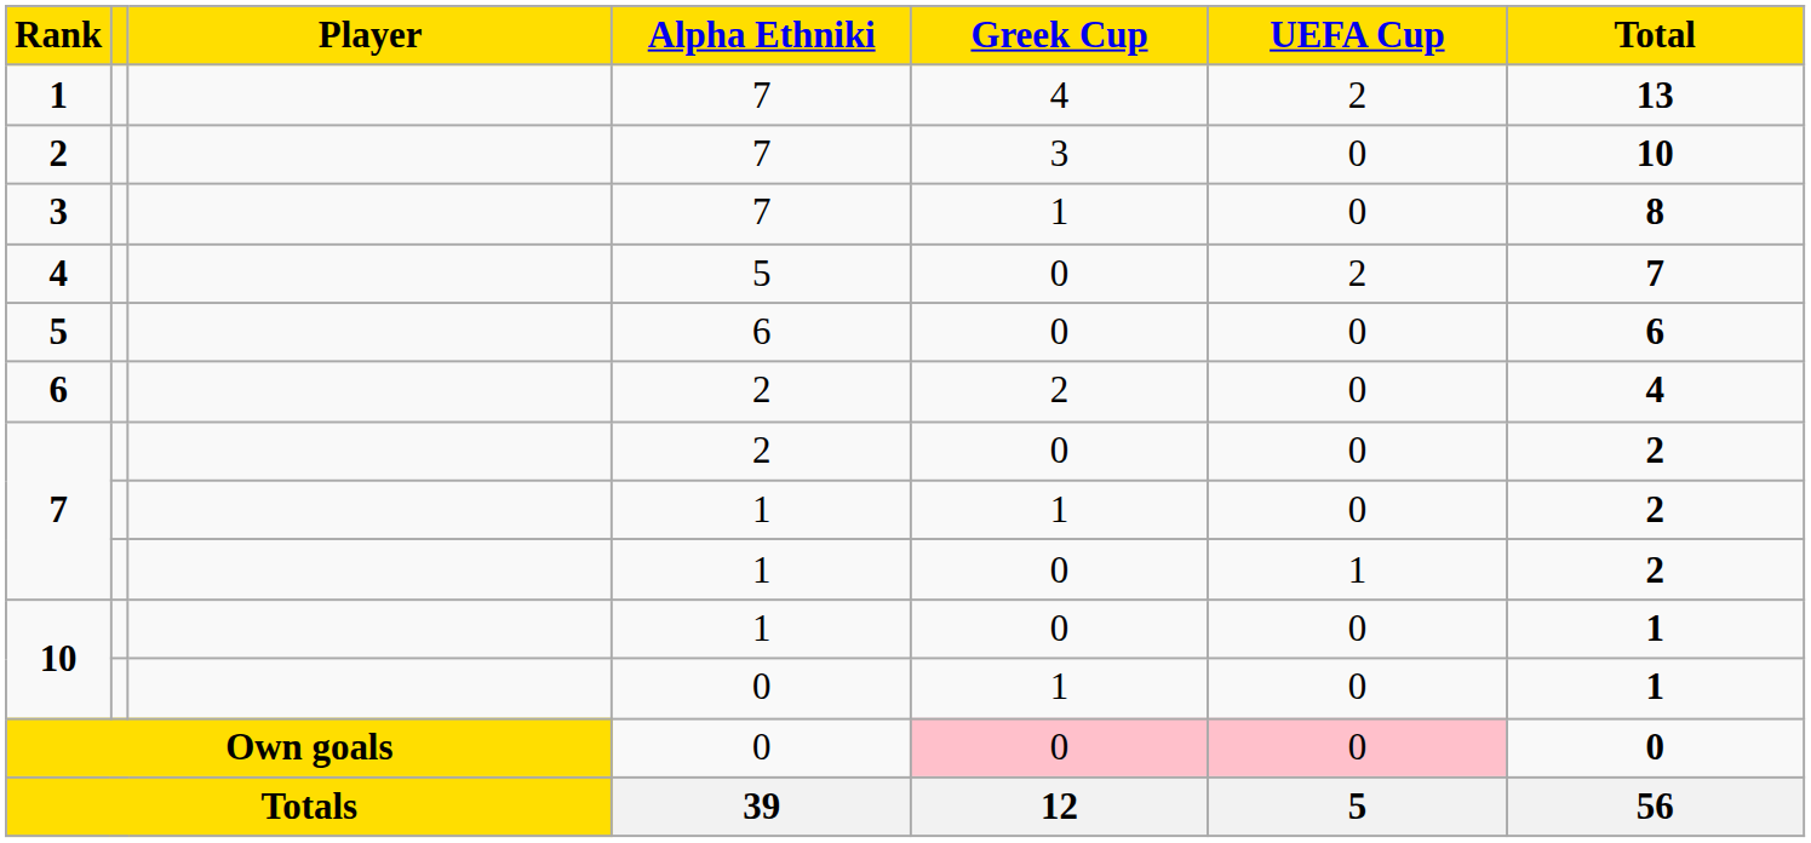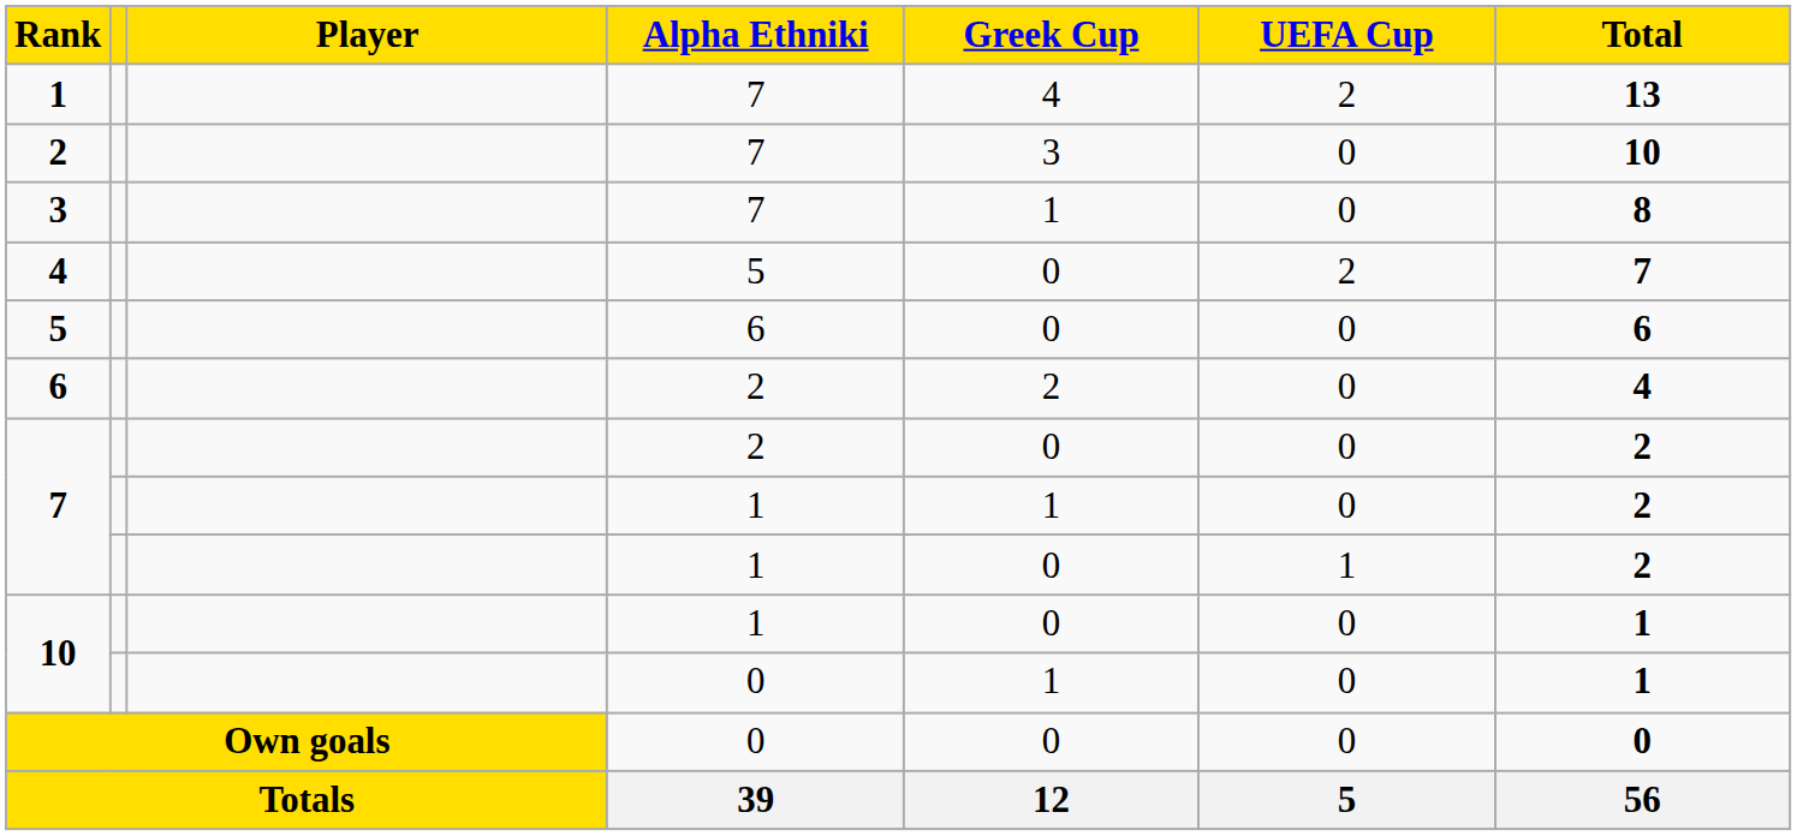 <table class="wikitable sortable" style="text-align: center">
 <tr>
 <th style="background:#FFDE00">Rank</th>
 <th style="background:#FFDE00"></th>
 <th width=200 style="background:#FFDE00">Player</th>
 <th width=120 style="background:#FFDE00"><a href='#'>Alpha Ethniki</a></th>
 <th width=120 style="background:#FFDE00"><a href='#'>Greek Cup</a></th>
 <th width=120 style="background:#FFDE00"><a href='#'>UEFA Cup</a></th>
 <th width=120 style="background:#FFDE00">Total</th>
 </tr>
 <tr>
 <td><strong>1</strong></td>
 <td></td>
 <td align=left></td>
 <td>7</td>
 <td>4</td>
 <td>2</td>
 <td><strong>13</strong></td>
 </tr>
 <tr>
 <td><strong>2</strong></td>
 <td></td>
 <td align=left></td>
 <td>7</td>
 <td>3</td>
 <td>0</td>
 <td><strong>10</strong></td>
 </tr>
 <tr>
 <td><strong>3</strong></td>
 <td></td>
 <td align=left></td>
 <td>7</td>
 <td>1</td>
 <td>0</td>
 <td><strong>8</strong></td>
 </tr>
 <tr>
 <td><strong>4</strong></td>
 <td></td>
 <td align=left></td>
 <td>5</td>
 <td>0</td>
 <td>2</td>
 <td><strong>7</strong></td>
 </tr>
 <tr>
 <td><strong>5</strong></td>
 <td></td>
 <td align=left></td>
 <td>6</td>
 <td>0</td>
 <td>0</td>
 <td><strong>6</strong></td>
 </tr>
 <tr>
 <td><strong>6</strong></td>
 <td></td>
 <td align=left></td>
 <td>2</td>
 <td>2</td>
 <td>0</td>
 <td><strong>4</strong></td>
 </tr>
 <tr>
 <td rowspan=3><strong>7</strong></td>
 <td></td>
 <td align=left></td>
 <td>2</td>
 <td>0</td>
 <td>0</td>
 <td><strong>2</strong></td>
 </tr>
 <tr>
 <td></td>
 <td align=left></td>
 <td>1</td>
 <td>1</td>
 <td>0</td>
 <td><strong>2</strong></td>
 </tr>
 <tr>
 <td></td>
 <td align=left></td>
 <td>1</td>
 <td>0</td>
 <td>1</td>
 <td><strong>2</strong></td>
 </tr>
 <tr>
 <td rowspan=2><strong>10</strong></td>
 <td></td>
 <td align=left></td>
 <td>1</td>
 <td>0</td>
 <td>0</td>
 <td><strong>1</strong></td>
 </tr>
 <tr>
 <td></td>
 <td align=left></td>
 <td>0</td>
 <td>1</td>
 <td>0</td>
 <td><strong>1</strong></td>
 </tr>
 <tr class="sortbottom">
 <td colspan=3 style="background:#FFDE00"><strong>Own goals</strong></td>
 <td>0</td>
-<td style="background: pink;">0</td>
-<td style="background: pink;">0</td>
+<td>0</td>
+<td>0</td>
 <td><strong>0</strong></td>
 </tr>
 <tr class="sortbottom">
 <th colspan=3 style="background:#FFDE00"><strong>Totals</strong></th>
 <th><strong>39</strong></th>
 <th><strong>12</strong></th>
 <th><strong> 5</strong></th>
 <th><strong>56</strong></th>
 </tr>
 </table>
